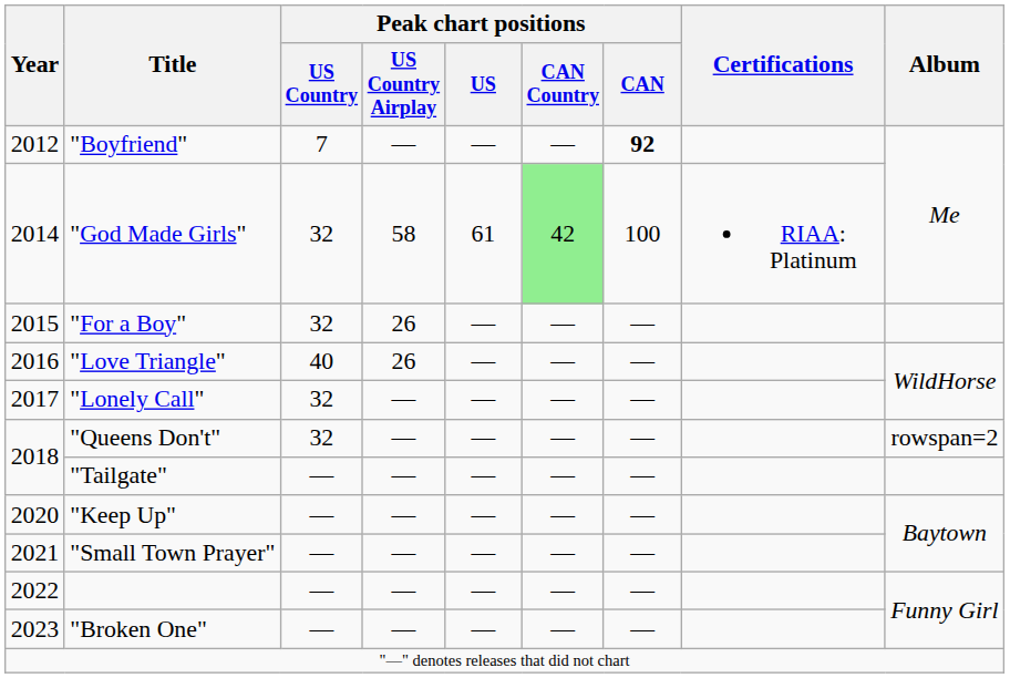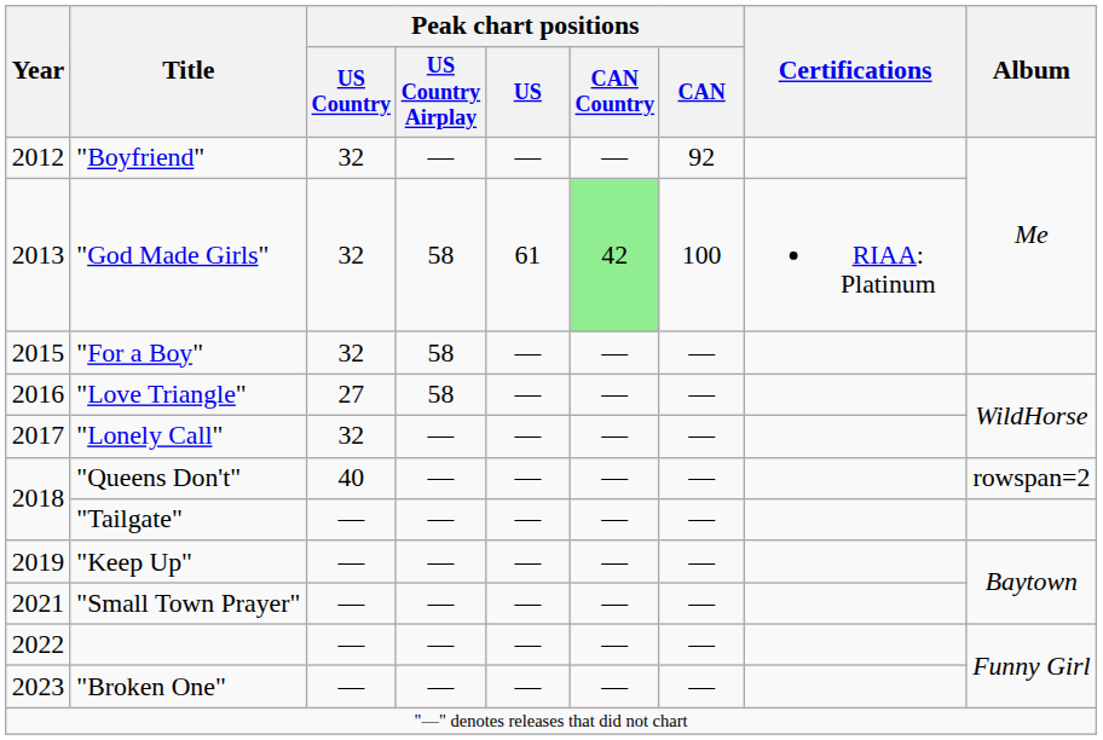 <table class="wikitable" style="text-align:center;">
 <tr>
 <th rowspan="2">Year</th>
 <th rowspan="2">Title</th>
 <th colspan="5">Peak chart positions</th>
 <th rowspan="2" style="width:8em;"><a href='#'>Certifications</a></th>
 <th rowspan="2">Album</th>
 </tr>
 <tr style="font-size:smaller;">
 <th style="width:45px;"><a href='#'>US Country</a><br></th>
 <th style="width:45px;"><a href='#'>US Country Airplay</a><br></th>
 <th style="width:45px;"><a href='#'>US</a><br></th>
 <th style="width:45px;"><a href='#'>CAN Country</a><br></th>
 <th style="width:45px;"><a href='#'>CAN</a><br></th>
 </tr>
 <tr>
 <td>2012</td>
 <td style="text-align:left;">"<a href='#'>Boyfriend</a>"</td>
-<td>7</td>
+<td>32</td>
 <td>—</td>
 <td>—</td>
 <td>—</td>
-<td><strong>92</strong></td>
+<td>92</td>
 <td></td>
 <td rowspan="2"><em>Me</em></td>
 </tr>
 <tr>
-<td>2014</td>
+<td>2013</td>
 <td style="text-align:left;">"<a href='#'>God Made Girls</a>"</td>
 <td>32</td>
 <td>58</td>
 <td>61</td>
 <td style="background: lightgreen;">42</td>
 <td>100</td>
 <td><br><ul><li><a href='#'>RIAA</a>: Platinum</li></ul></td>
 </tr>
 <tr>
 <td>2015</td>
 <td style="text-align:left;">"<a href='#'>For a Boy</a>"</td>
 <td>32</td>
-<td>26</td>
+<td>58</td>
 <td>—</td>
 <td>—</td>
 <td>—</td>
 <td></td>
 <td></td>
 </tr>
 <tr>
 <td>2016</td>
 <td style="text-align:left;">"<a href='#'>Love Triangle</a>"</td>
-<td>40</td>
-<td>26</td>
+<td>27</td>
+<td>58</td>
 <td>—</td>
 <td>—</td>
 <td>—</td>
 <td></td>
 <td rowspan="2"><em>WildHorse</em></td>
 </tr>
 <tr>
 <td>2017</td>
 <td style="text-align:left;">"<a href='#'>Lonely Call</a>"</td>
 <td>32</td>
 <td>—</td>
 <td>—</td>
 <td>—</td>
 <td>—</td>
 <td></td>
 </tr>
 <tr>
 <td rowspan=2>2018</td>
 <td style="text-align:left;">"Queens Don't"</td>
-<td>32</td>
+<td>40</td>
 <td>—</td>
 <td>—</td>
 <td>—</td>
 <td>—</td>
 <td></td>
 <td>rowspan=2 </td>
 </tr>
 <tr>
 <td style="text-align:left;">"Tailgate"</td>
 <td>—</td>
 <td>—</td>
 <td>—</td>
 <td>—</td>
 <td>—</td>
 <td></td>
 </tr>
 <tr>
-<td>2020</td>
+<td>2019</td>
 <td style="text-align:left;">"Keep Up"</td>
 <td>—</td>
 <td>—</td>
 <td>—</td>
 <td>—</td>
 <td>—</td>
 <td></td>
 <td rowspan="2"><em>Baytown</em></td>
 </tr>
 <tr>
 <td>2021</td>
 <td style="text-align:left;">"Small Town Prayer"</td>
 <td>—</td>
 <td>—</td>
 <td>—</td>
 <td>—</td>
 <td>—</td>
 <td></td>
 </tr>
 <tr>
 <td>2022</td>
 <td style="text-align:left;"></td>
 <td>—</td>
 <td>—</td>
 <td>—</td>
 <td>—</td>
 <td>—</td>
 <td></td>
 <td rowspan="2"><em>Funny Girl</em></td>
 </tr>
 <tr>
 <td>2023</td>
 <td style="text-align:left;">"Broken One"</td>
 <td>—</td>
 <td>—</td>
 <td>—</td>
 <td>—</td>
 <td>—</td>
 <td></td>
 </tr>
 <tr>
 <td colspan="9" style="font-size:8pt">"—" denotes releases that did not chart</td>
 </tr>
 </table>
